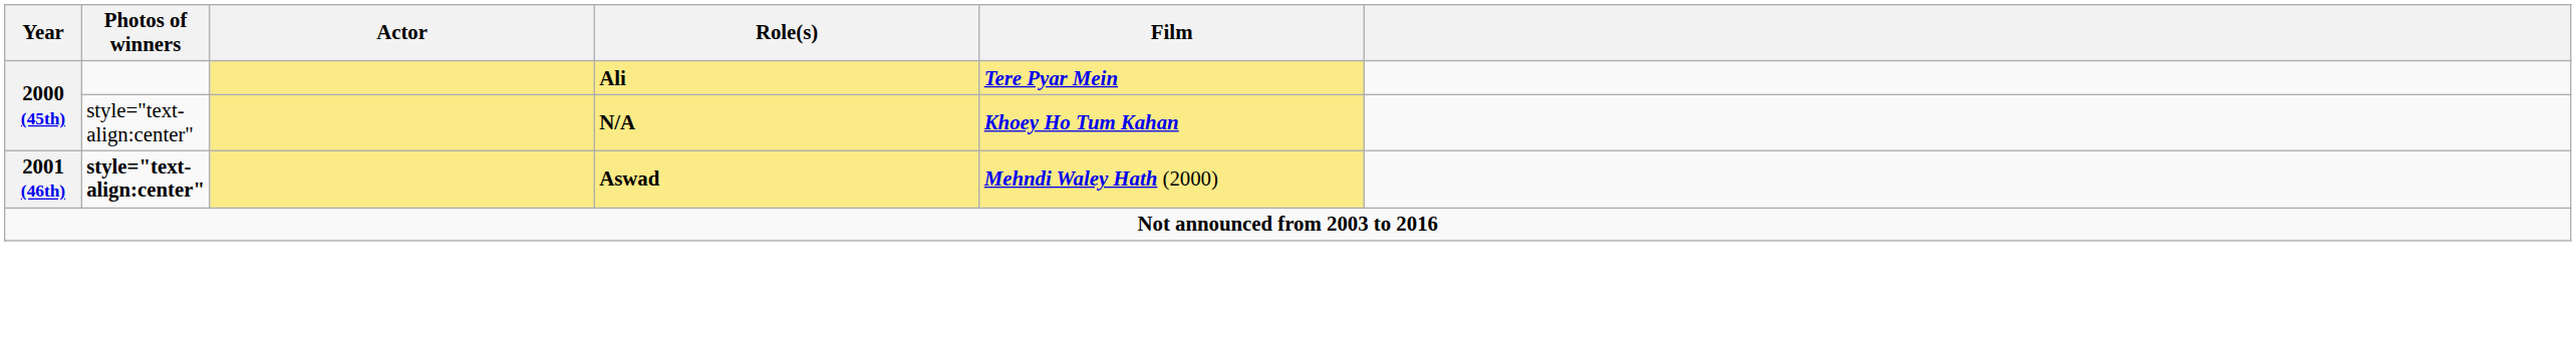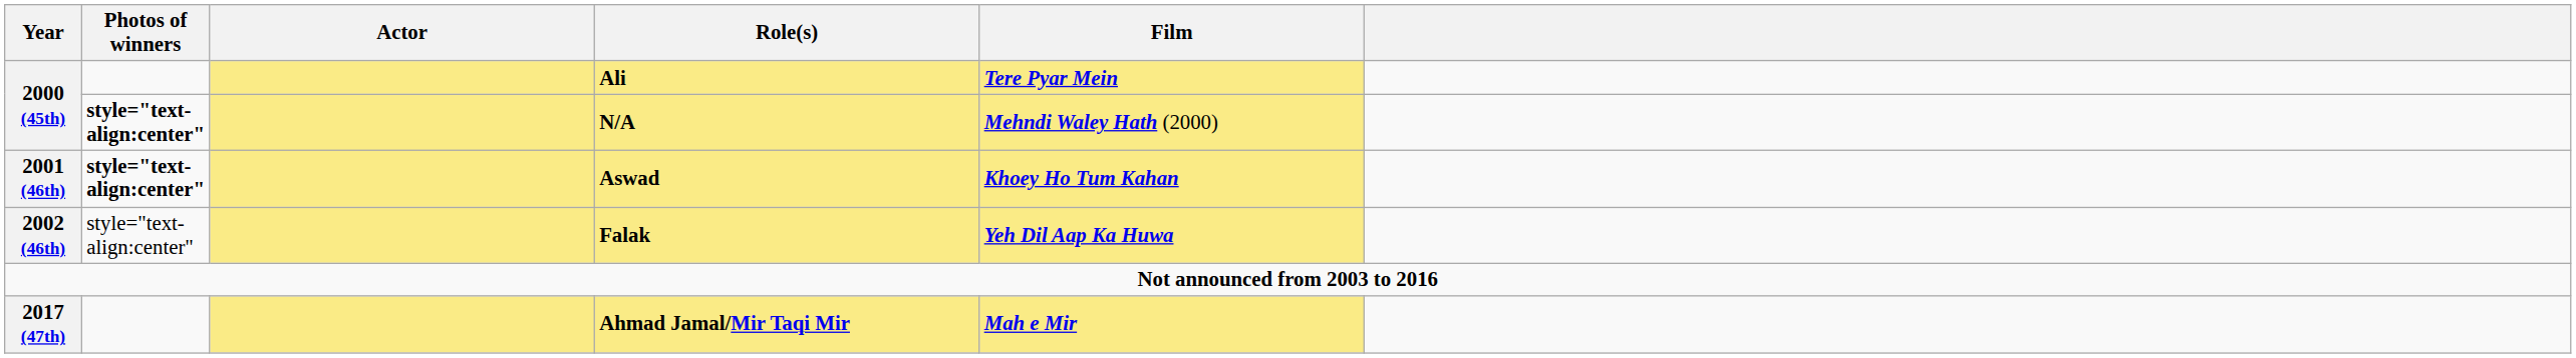 <table class="wikitable sortable" style="text-align:left;">
 <tr>
 <th scope="col" style="width:3%; text-align:center;">Year</th>
 <th scope="col" style="width:3%;text-align:center;">Photos of winners</th>
 <th scope="col" style="width:15%;text-align:center;">Actor</th>
 <th scope="col" style="width:15%;text-align:center;">Role(s)</th>
 <th scope="col" style="width:15%;text-align:center;">Film</th>
 <th scope="col" class="unsortable"></th>
 </tr>
 <tr>
 <th scope="row" rowspan=2 style="text-align:center">2000 <br><small><a href='#'>(45th)</a> </small></th>
 <td style="text-align:center"></td>
 <td style="background:#FAEB86;"><strong></strong> </td>
 <td style="background:#FAEB86;"><strong>Ali</strong></td>
 <td style="background:#FAEB86;"><strong><em><a href='#'>Tere Pyar Mein</a></em></strong></td>
 <td></td>
 </tr>
 <tr>
-<td>style="text-align:center" </td>
+<td><strong>style="text-align:center" </strong></td>
 <td style="background:#FAEB86;"><strong></strong> </td>
 <td style="background:#FAEB86;"><strong>N/A</strong></td>
-<td style="background:#FAEB86;"><strong><em><a href='#'>Khoey Ho Tum Kahan</a></em></strong></td>
+<td style="background:#FAEB86;"><strong><em><a href='#'>Mehndi Waley Hath</a></em></strong> (2000)</td>
 <td></td>
 </tr>
 <tr>
 <th style="text-align:center">2001 <br><small><a href='#'>(46th)</a> </small></th>
 <td><strong>style="text-align:center" </strong></td>
 <td style="background:#FAEB86;"><strong></strong> </td>
 <td style="background:#FAEB86;"><strong>Aswad</strong></td>
-<td style="background:#FAEB86;"><strong><em><a href='#'>Mehndi Waley Hath</a></em></strong> (2000)</td>
+<td style="background:#FAEB86;"><strong><em><a href='#'>Khoey Ho Tum Kahan</a></em></strong></td>
+<td></td>
+</tr>
+<tr>
+<th style="text-align:center">2002 <br><small><a href='#'>(46th)</a> </small></th>
+<td>style="text-align:center" </td>
+<td style="background:#FAEB86;"><strong></strong> </td>
+<td style="background:#FAEB86;"><strong>Falak</strong></td>
+<td style="background:#FAEB86;"><strong><em><a href='#'>Yeh Dil Aap Ka Huwa</a></em></strong></td>
 <td></td>
 </tr>
 <tr>
 <td colspan =6 style="text-align:center"><strong>Not announced from 2003 to 2016</strong></td>
 </tr>
+<tr>
+<th style="text-align:center">2017 <br><small><a href='#'>(47th)</a> </small></th>
+<td style="text-align:center"></td>
+<td style="background:#FAEB86;"><strong></strong> </td>
+<td style="background:#FAEB86;"><strong>Ahmad Jamal/<a href='#'>Mir Taqi Mir</a></strong></td>
+<td style="background:#FAEB86;"><strong><em><a href='#'>Mah e Mir</a></em></strong></td>
+<td></td>
+</tr>
 </table>
